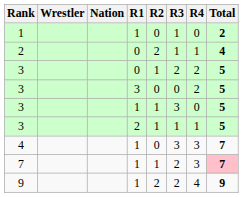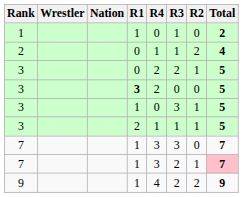 <table class="wikitable sortable" style="text-align:center;">
 <tr>
 <th>Rank</th>
 <th>Wrestler</th>
 <th>Nation</th>
 <th>R1</th>
+<th>R4</th>
+<th>R3</th>
 <th>R2</th>
-<th>R3</th>
-<th>R4</th>
 <th>Total</th>
 </tr>
 <tr style="background:#cfc;">
 <td>1</td>
 <td align=left></td>
 <td align=left></td>
 <td>1</td>
 <td>0</td>
 <td>1</td>
 <td>0</td>
 <td><strong>2</strong></td>
 </tr>
 <tr style="background:#cfc;">
 <td>2</td>
 <td align=left></td>
 <td align=left></td>
 <td>0</td>
-<td>2</td>
 <td>1</td>
 <td>1</td>
+<td>2</td>
 <td><strong>4</strong></td>
 </tr>
 <tr style="background:#cfc;">
 <td>3</td>
 <td align=left></td>
 <td align=left></td>
 <td>0</td>
-<td>1</td>
 <td>2</td>
 <td>2</td>
+<td>1</td>
 <td><strong>5</strong></td>
 </tr>
 <tr style="background:#cfc;">
 <td>3</td>
 <td align=left></td>
 <td align=left></td>
-<td>3</td>
+<td><strong>3</strong></td>
+<td>2</td>
 <td>0</td>
 <td>0</td>
-<td>2</td>
 <td><strong>5</strong></td>
 </tr>
 <tr style="background:#cfc;">
 <td>3</td>
 <td align=left></td>
 <td align=left></td>
 <td>1</td>
+<td>0</td>
+<td>3</td>
 <td>1</td>
-<td>3</td>
-<td>0</td>
 <td><strong>5</strong></td>
 </tr>
 <tr style="background:#cfc;">
 <td>3</td>
 <td align=left></td>
 <td align=left></td>
 <td>2</td>
 <td>1</td>
 <td>1</td>
 <td>1</td>
 <td><strong>5</strong></td>
 </tr>
 <tr>
-<td>4</td>
+<td>7</td>
 <td align=left></td>
 <td align=left></td>
 <td>1</td>
-<td>0</td>
 <td>3</td>
 <td>3</td>
+<td>0</td>
 <td><strong>7</strong></td>
 </tr>
 <tr>
 <td>7</td>
 <td align=left></td>
 <td align=left></td>
 <td>1</td>
+<td>3</td>
+<td>2</td>
 <td>1</td>
-<td>2</td>
-<td>3</td>
 <td style="background: pink;"><strong>7</strong></td>
 </tr>
 <tr>
 <td>9</td>
 <td align=left></td>
 <td align=left></td>
 <td>1</td>
+<td>4</td>
 <td>2</td>
 <td>2</td>
-<td>4</td>
 <td><strong>9</strong></td>
 </tr>
 </table>
